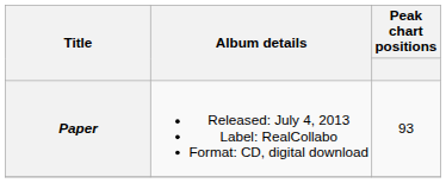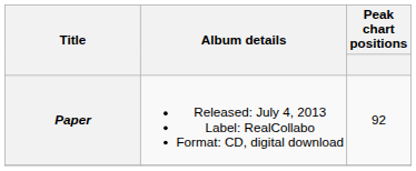 <table class="wikitable plainrowheaders" style="text-align:center;">
 <tr>
 <th scope="col" rowspan="2" style="width:10em;">Title</th>
 <th scope="col" rowspan="2">Album details</th>
 <th colspan="1" scope="col">Peak chart positions</th>
 </tr>
 <tr>
 <th style="width:3em"><br></th>
 </tr>
 <tr>
 <th scope="row"><em>Paper</em></th>
 <td><br><ul><li>Released: July 4, 2013</li><li>Label: RealCollabo</li><li>Format: CD, digital download</li></ul></td>
-<td>93</td>
+<td>92</td>
 </tr>
 <tr>
 </tr>
 </table>
